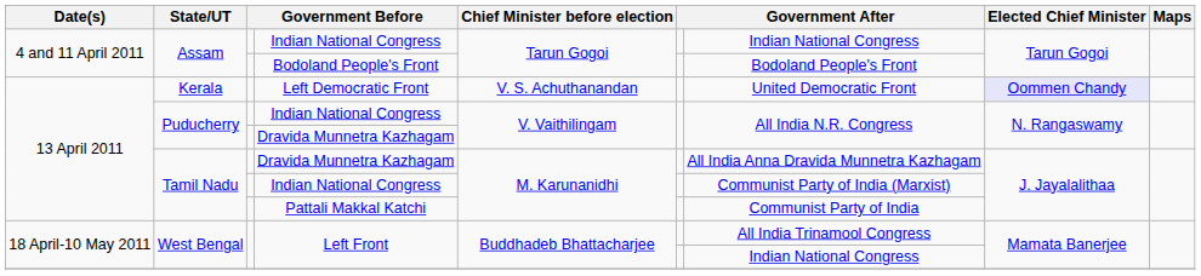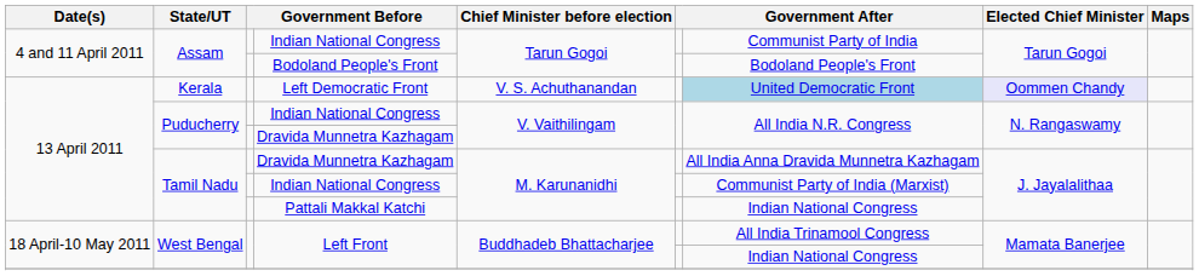 <table class="wikitable sortable" style="text-align:center;">
 <tr>
 <th>Date(s)</th>
 <th>State/UT</th>
 <th colspan="2">Government Before</th>
 <th>Chief Minister before election</th>
 <th colspan="2">Government  After</th>
 <th>Elected Chief Minister</th>
 <th>Maps</th>
 </tr>
 <tr>
 <td rowspan="2">4 and 11 April 2011</td>
 <td rowspan="2"><a href='#'>Assam</a></td>
 <td></td>
 <td><a href='#'>Indian National Congress</a></td>
 <td rowspan="2"><a href='#'>Tarun Gogoi</a></td>
 <td></td>
-<td><a href='#'>Indian National Congress</a></td>
+<td><a href='#'>Communist Party of India</a></td>
 <td rowspan="2"><a href='#'>Tarun Gogoi</a></td>
 <td rowspan=2></td>
 </tr>
 <tr style="text-align:center;">
 <td></td>
 <td><a href='#'>Bodoland People's Front</a></td>
 <td></td>
 <td><a href='#'>Bodoland People's Front</a></td>
 </tr>
 <tr style="text-align:center;">
 <td rowspan="6">13 April 2011</td>
 <td><a href='#'>Kerala</a></td>
 <td></td>
 <td><a href='#'>Left Democratic Front</a></td>
 <td><a href='#'>V. S. Achuthanandan</a></td>
 <td></td>
-<td><a href='#'>United Democratic Front</a></td>
+<td style="background: lightblue;"><a href='#'>United Democratic Front</a></td>
 <td style="background: lavender;"><a href='#'>Oommen Chandy</a></td>
 <td></td>
 </tr>
 <tr style="text-align:center;">
 <td rowspan="2"><a href='#'>Puducherry</a></td>
 <td></td>
 <td><a href='#'>Indian National Congress</a></td>
 <td rowspan="2"><a href='#'>V. Vaithilingam</a></td>
 <td rowspan="2"></td>
 <td rowspan="2"><a href='#'>All India N.R. Congress</a></td>
 <td rowspan="2"><a href='#'>N. Rangaswamy</a></td>
 <td rowspan=2></td>
 </tr>
 <tr style="text-align:center;">
 <td></td>
 <td><a href='#'>Dravida Munnetra Kazhagam</a></td>
 </tr>
 <tr style="text-align:center;">
 <td rowspan="3"><a href='#'>Tamil Nadu</a></td>
 <td></td>
 <td><a href='#'>Dravida Munnetra Kazhagam</a></td>
 <td rowspan="3"><a href='#'>M. Karunanidhi</a></td>
 <td></td>
 <td><a href='#'>All India Anna Dravida Munnetra Kazhagam</a></td>
 <td rowspan="3"><a href='#'>J. Jayalalithaa</a></td>
 <td rowspan="3"></td>
 </tr>
 <tr style="text-align:center;">
 <td></td>
 <td><a href='#'>Indian National Congress</a></td>
 <td></td>
 <td><a href='#'>Communist Party of India (Marxist)</a></td>
 </tr>
 <tr>
 <td></td>
 <td><a href='#'>Pattali Makkal Katchi</a></td>
 <td></td>
-<td><a href='#'>Communist Party of India</a></td>
+<td><a href='#'>Indian National Congress</a></td>
 </tr>
 <tr style="text-align:center;">
 <td rowspan="2">18 April-10 May 2011</td>
 <td rowspan="2"><a href='#'>West Bengal</a></td>
 <td rowspan="2"></td>
 <td rowspan="2"><a href='#'>Left Front</a></td>
 <td rowspan="2"><a href='#'>Buddhadeb Bhattacharjee</a></td>
 <td></td>
 <td><a href='#'>All India Trinamool Congress</a></td>
 <td rowspan="2"><a href='#'>Mamata Banerjee</a></td>
 <td rowspan=2></td>
 </tr>
 <tr style="text-align:center;">
 <td></td>
 <td><a href='#'>Indian National Congress</a></td>
 </tr>
 <tr style="text-align:center;">
 </tr>
 <tr>
 </tr>
 </table>
